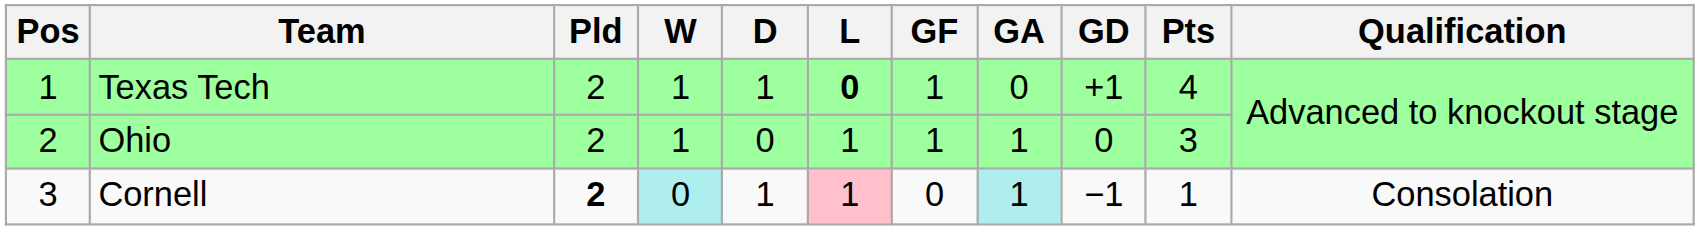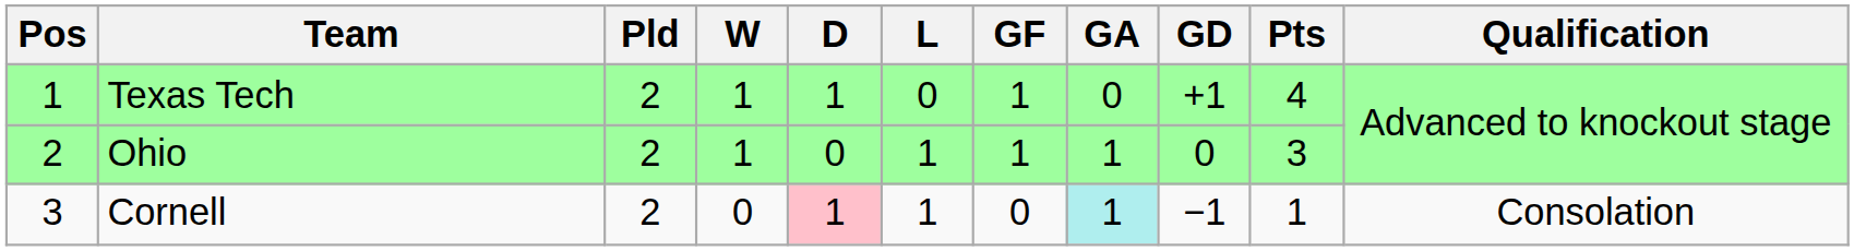 <table class="wikitable" style="text-align:center; margin: 1em auto">
 <tr>
 <th style="width:2em">Pos</th>
 <th style="width:13em">Team</th>
 <th style="width:2em">Pld</th>
 <th style="width:2em">W</th>
 <th style="width:2em">D</th>
 <th style="width:2em">L</th>
 <th style="width:2em">GF</th>
 <th style="width:2em">GA</th>
 <th style="width:2em">GD</th>
 <th style="width:2em">Pts</th>
 <th style="width:13em">Qualification</th>
 </tr>
 <tr bgcolor="#9eff9e">
 <td>1</td>
 <td style="text-align:left">Texas Tech</td>
 <td>2</td>
 <td>1</td>
 <td>1</td>
-<td><strong>0</strong></td>
+<td>0</td>
 <td>1</td>
 <td>0</td>
 <td>+1</td>
 <td>4</td>
 <td rowspan="2">Advanced to knockout stage</td>
 </tr>
 <tr bgcolor="#9eff9e">
 <td>2</td>
 <td style="text-align:left">Ohio</td>
 <td>2</td>
 <td>1</td>
 <td>0</td>
 <td>1</td>
 <td>1</td>
 <td>1</td>
 <td>0</td>
 <td>3</td>
 </tr>
 <tr>
 <td>3</td>
 <td style="text-align:left">Cornell</td>
-<td><strong>2</strong></td>
-<td style="background: paleturquoise;">0</td>
+<td>2</td>
+<td>0</td>
+<td style="background: pink;">1</td>
 <td>1</td>
-<td style="background: pink;">1</td>
 <td>0</td>
 <td style="background: paleturquoise;">1</td>
 <td>−1</td>
 <td>1</td>
 <td>Consolation</td>
 </tr>
 </table>
